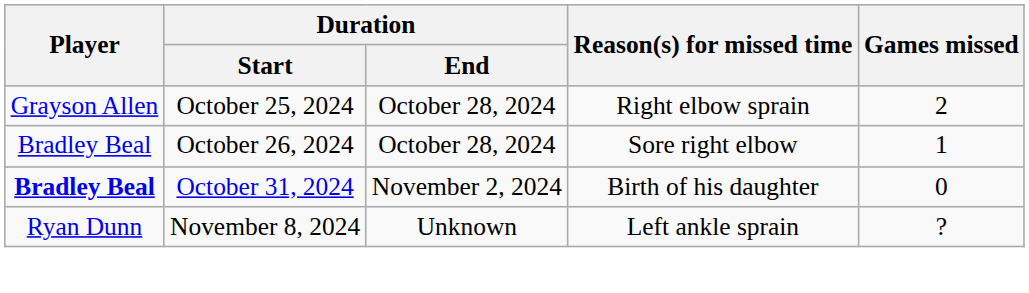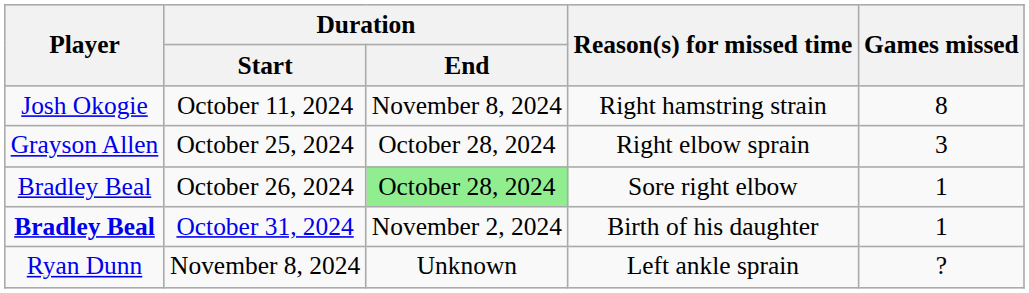 <table class="wikitable sortable collapsible" style="text-align:center;">
 <tr>
 <th rowspan="2">Player</th>
 <th colspan="2">Duration</th>
 <th rowspan="2">Reason(s) for missed time</th>
 <th rowspan="2">Games missed</th>
 </tr>
 <tr>
 <th>Start</th>
 <th>End</th>
 </tr>
 <tr>
+<td><a href='#'>Josh Okogie</a></td>
+<td>October 11, 2024</td>
+<td>November 8, 2024</td>
+<td>Right hamstring strain</td>
+<td>8</td>
+</tr>
+<tr>
 <td><a href='#'>Grayson Allen</a></td>
 <td>October 25, 2024</td>
 <td>October 28, 2024</td>
 <td>Right elbow sprain</td>
-<td>2</td>
+<td>3</td>
 </tr>
 <tr>
 <td><a href='#'>Bradley Beal</a></td>
 <td>October 26, 2024</td>
-<td>October 28, 2024</td>
+<td style="background: lightgreen;">October 28, 2024</td>
 <td>Sore right elbow</td>
 <td>1</td>
 </tr>
 <tr>
 <td><strong><a href='#'>Bradley Beal</a></strong></td>
 <td><a href='#'>October 31, 2024</a></td>
 <td>November 2, 2024</td>
 <td>Birth of his daughter</td>
-<td>0</td>
+<td>1</td>
 </tr>
 <tr>
 <td><a href='#'>Ryan Dunn</a></td>
 <td>November 8, 2024</td>
 <td>Unknown</td>
 <td>Left ankle sprain</td>
 <td>?</td>
 </tr>
 </table>
